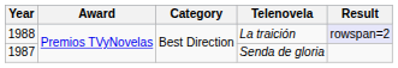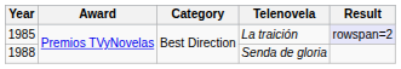 <table class="wikitable">
 <tr style="background:#b0c4de;">
 <th>Year</th>
 <th>Award</th>
 <th>Category</th>
 <th>Telenovela</th>
 <th>Result</th>
 </tr>
 <tr>
-<td>1988</td>
+<td>1985</td>
 <td rowspan=2><a href='#'>Premios TVyNovelas</a></td>
 <td rowspan=2>Best Direction</td>
 <td><em>La traición</em></td>
 <td style="background: lavender;">rowspan=2 </td>
 </tr>
 <tr>
-<td>1987</td>
+<td>1988</td>
 <td><em>Senda de gloria</em></td>
 </tr>
 </table>
